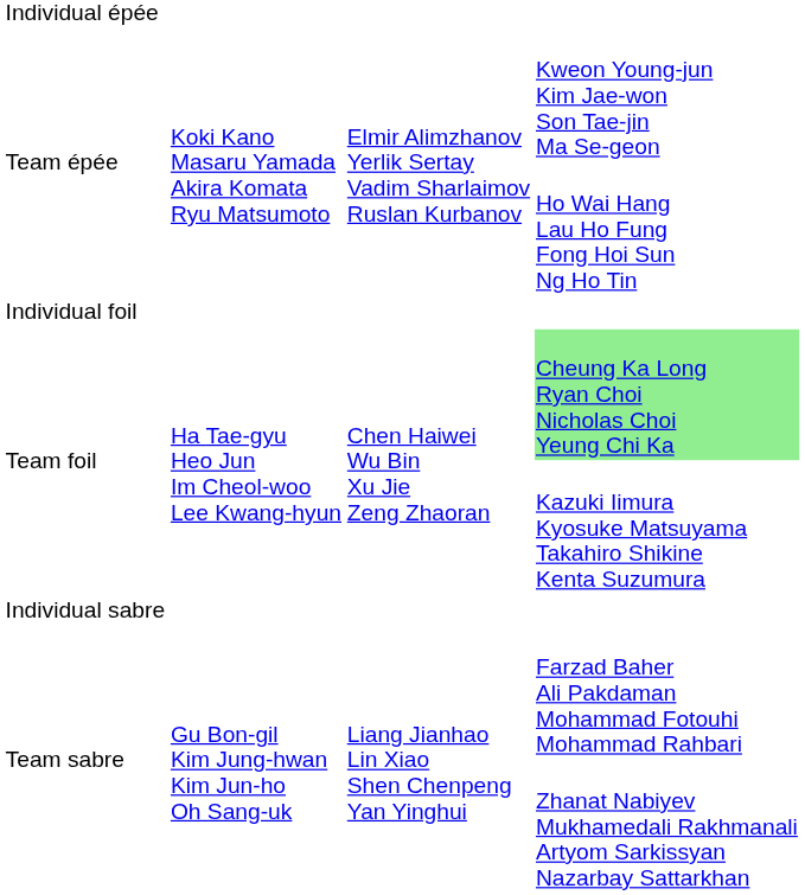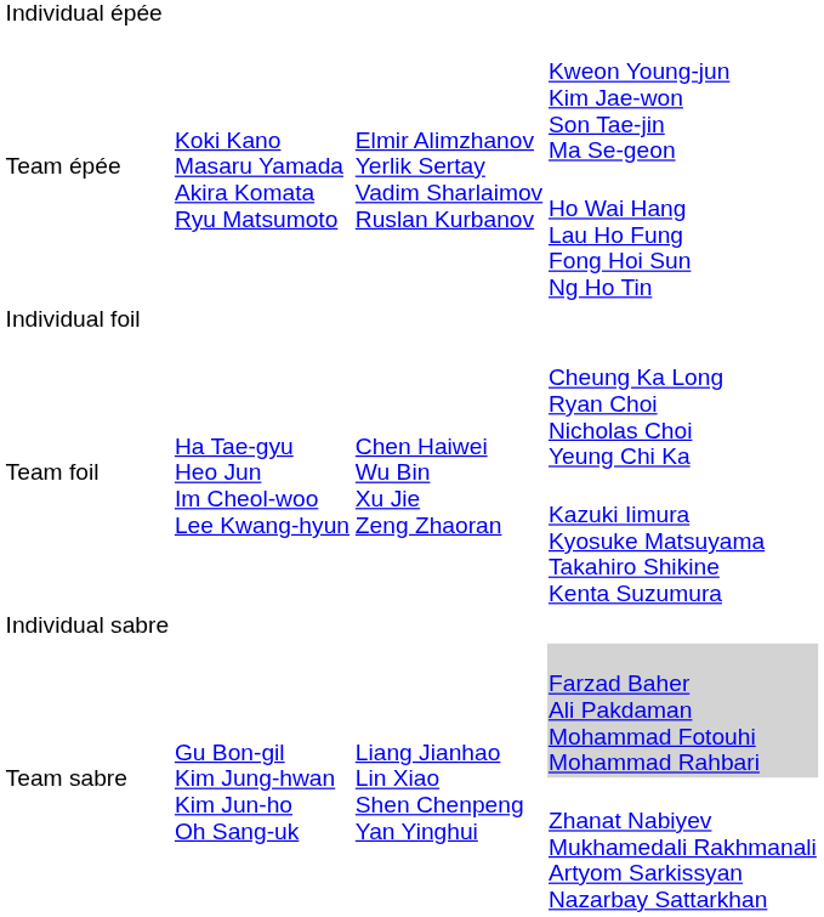 <table>
 <tr>
 <td rowspan=2>Individual épée<br></td>
 <td rowspan=2></td>
 <td rowspan=2></td>
 <td></td>
 </tr>
 <tr>
 <td></td>
 </tr>
 <tr>
 <td rowspan=2>Team épée<br></td>
 <td rowspan=2><br><a href='#'>Koki Kano</a><br><a href='#'>Masaru Yamada</a><br><a href='#'>Akira Komata</a><br><a href='#'>Ryu Matsumoto</a></td>
 <td rowspan=2><br><a href='#'>Elmir Alimzhanov</a><br><a href='#'>Yerlik Sertay</a><br><a href='#'>Vadim Sharlaimov</a><br><a href='#'>Ruslan Kurbanov</a></td>
 <td><br><a href='#'>Kweon Young-jun</a><br><a href='#'>Kim Jae-won</a><br><a href='#'>Son Tae-jin</a><br><a href='#'>Ma Se-geon</a></td>
 </tr>
 <tr>
 <td><br><a href='#'>Ho Wai Hang</a><br><a href='#'>Lau Ho Fung</a><br><a href='#'>Fong Hoi Sun</a><br><a href='#'>Ng Ho Tin</a></td>
 </tr>
 <tr>
 <td rowspan=2>Individual foil<br></td>
 <td rowspan=2></td>
 <td rowspan=2></td>
 <td></td>
 </tr>
 <tr>
 <td></td>
 </tr>
 <tr>
 <td rowspan=2>Team foil<br></td>
 <td rowspan=2><br><a href='#'>Ha Tae-gyu</a><br><a href='#'>Heo Jun</a><br><a href='#'>Im Cheol-woo</a><br><a href='#'>Lee Kwang-hyun</a></td>
 <td rowspan=2><br><a href='#'>Chen Haiwei</a><br><a href='#'>Wu Bin</a><br><a href='#'>Xu Jie</a><br><a href='#'>Zeng Zhaoran</a></td>
-<td style="background: lightgreen;"><br><a href='#'>Cheung Ka Long</a><br><a href='#'>Ryan Choi</a><br><a href='#'>Nicholas Choi</a><br><a href='#'>Yeung Chi Ka</a></td>
+<td><br><a href='#'>Cheung Ka Long</a><br><a href='#'>Ryan Choi</a><br><a href='#'>Nicholas Choi</a><br><a href='#'>Yeung Chi Ka</a></td>
 </tr>
 <tr>
 <td><br><a href='#'>Kazuki Iimura</a><br><a href='#'>Kyosuke Matsuyama</a><br><a href='#'>Takahiro Shikine</a><br><a href='#'>Kenta Suzumura</a></td>
 </tr>
 <tr>
 <td rowspan=2>Individual sabre<br></td>
 <td rowspan=2></td>
 <td rowspan=2></td>
 <td></td>
 </tr>
 <tr>
 <td></td>
 </tr>
 <tr>
 <td rowspan=2>Team sabre<br></td>
 <td rowspan=2><br><a href='#'>Gu Bon-gil</a><br><a href='#'>Kim Jung-hwan</a><br><a href='#'>Kim Jun-ho</a><br><a href='#'>Oh Sang-uk</a></td>
 <td rowspan=2><br><a href='#'>Liang Jianhao</a><br><a href='#'>Lin Xiao</a><br><a href='#'>Shen Chenpeng</a><br><a href='#'>Yan Yinghui</a></td>
-<td><br><a href='#'>Farzad Baher</a><br><a href='#'>Ali Pakdaman</a><br><a href='#'>Mohammad Fotouhi</a><br><a href='#'>Mohammad Rahbari</a></td>
+<td style="background: lightgrey;"><br><a href='#'>Farzad Baher</a><br><a href='#'>Ali Pakdaman</a><br><a href='#'>Mohammad Fotouhi</a><br><a href='#'>Mohammad Rahbari</a></td>
 </tr>
 <tr>
 <td><br><a href='#'>Zhanat Nabiyev</a><br><a href='#'>Mukhamedali Rakhmanali</a><br><a href='#'>Artyom Sarkissyan</a><br><a href='#'>Nazarbay Sattarkhan</a></td>
 </tr>
 </table>
